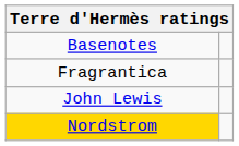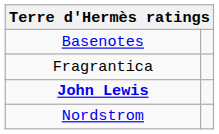 <table class="wikitable"  style="float:right; margin-left: 20px;">
 <tr>
 <th colspan=7>Terre d'Hermès ratings</th>
 </tr>
 <tr>
 <td align=center><a href='#'>Basenotes</a></td>
 <td align=center></td>
 </tr>
 <tr>
 <td align=center>Fragrantica</td>
 <td align=center></td>
 </tr>
 <tr>
-<td align=center><a href='#'>John Lewis</a></td>
+<td align=center><strong><a href='#'>John Lewis</a></strong></td>
 <td align=center></td>
 </tr>
 <tr>
-<td align=center style="background: gold;"><a href='#'>Nordstrom</a></td>
+<td align=center><a href='#'>Nordstrom</a></td>
 <td align=center></td>
 </tr>
 </table>
